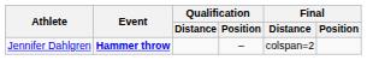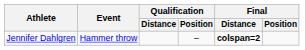 <table class=wikitable style=font-size:90%>
 <tr>
 <th rowspan=2>Athlete</th>
 <th rowspan=2>Event</th>
 <th colspan=2>Qualification</th>
 <th colspan=2>Final</th>
 </tr>
 <tr style=font-size:95%>
 <th>Distance</th>
 <th>Position</th>
 <th>Distance</th>
 <th>Position</th>
 </tr>
 <tr align=center>
 <td align=left><a href='#'>Jennifer Dahlgren</a></td>
-<td align=left><strong><a href='#'>Hammer throw</a></strong></td>
+<td align=left><a href='#'>Hammer throw</a></td>
 <td></td>
 <td>–</td>
-<td>colspan=2 </td>
+<td><strong>colspan=2 </strong></td>
 </tr>
 </table>
